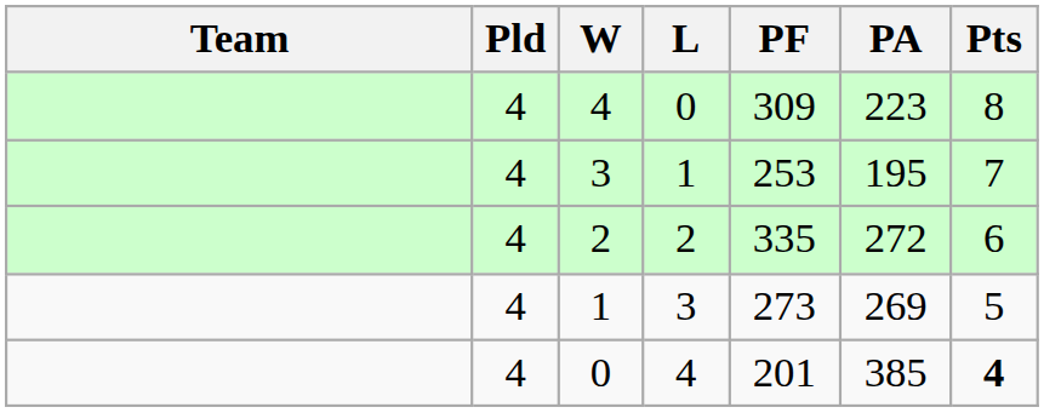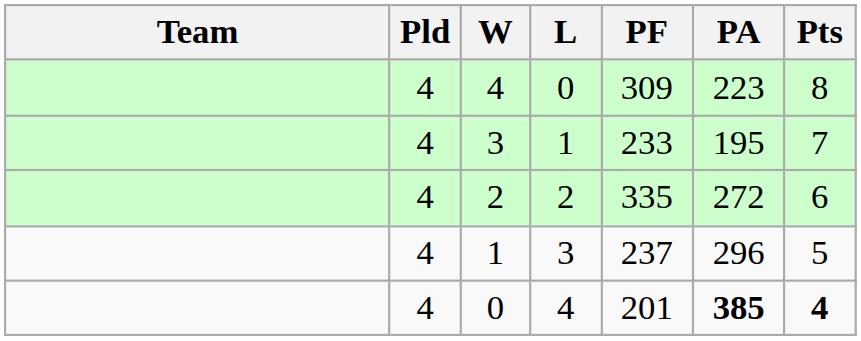 <table class="wikitable" style="text-align:center;">
 <tr>
 <th width=170>Team</th>
 <th width=25>Pld</th>
 <th width=25>W</th>
 <th width=25>L</th>
 <th width=35>PF</th>
 <th width=35>PA</th>
 <th width=25>Pts</th>
 </tr>
 <tr bgcolor=#ccffcc>
 <td align="left"><em></em></td>
 <td>4</td>
 <td>4</td>
 <td>0</td>
 <td>309</td>
 <td>223</td>
 <td>8</td>
 </tr>
 <tr bgcolor=#ccffcc>
 <td align="left"></td>
 <td>4</td>
 <td>3</td>
 <td>1</td>
-<td>253</td>
+<td>233</td>
 <td>195</td>
 <td>7</td>
 </tr>
 <tr bgcolor=#ccffcc>
 <td align="left"></td>
 <td>4</td>
 <td>2</td>
 <td>2</td>
 <td>335</td>
 <td>272</td>
 <td>6</td>
 </tr>
 <tr bgcolor=>
 <td align="left"></td>
 <td>4</td>
 <td>1</td>
 <td>3</td>
-<td>273</td>
-<td>269</td>
+<td>237</td>
+<td>296</td>
 <td>5</td>
 </tr>
 <tr bgcolor=>
 <td align="left"></td>
 <td>4</td>
 <td>0</td>
 <td>4</td>
 <td>201</td>
-<td>385</td>
+<td><strong>385</strong></td>
 <td><strong>4</strong></td>
 </tr>
 </table>
